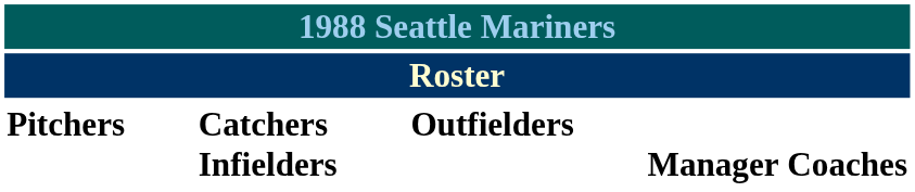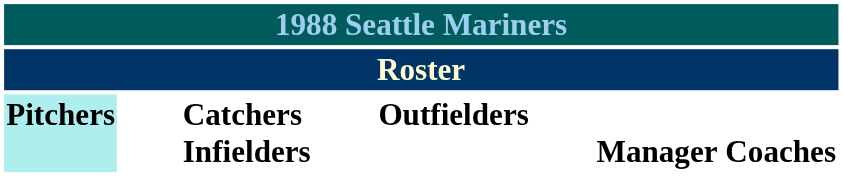 <table class="toccolours" style="font-size: 95%;">
 <tr>
 <th colspan="10" style="background-color: #005c5c;color:#9ECEEE; text-align: center;">1988 Seattle Mariners</th>
 </tr>
 <tr>
 <td colspan="10" style="background-color: #003366; color: #FFFDD0; text-align: center;"><strong>Roster</strong></td>
 </tr>
 <tr>
-<td valign="top"><strong>Pitchers</strong><br>                </td>
+<td valign="top" style="background: paleturquoise;"><strong>Pitchers</strong><br>                </td>
 <td width="25px"></td>
 <td valign="top"><strong>Catchers</strong><br>   <strong>Infielders</strong>          </td>
 <td width="25px"></td>
 <td valign="top"><strong>Outfielders</strong><br>         </td>
 <td width="25px"></td>
 <td valign="top"><br><strong>Manager</strong>   <strong>Coaches</strong>       </td>
 </tr>
 </table>
